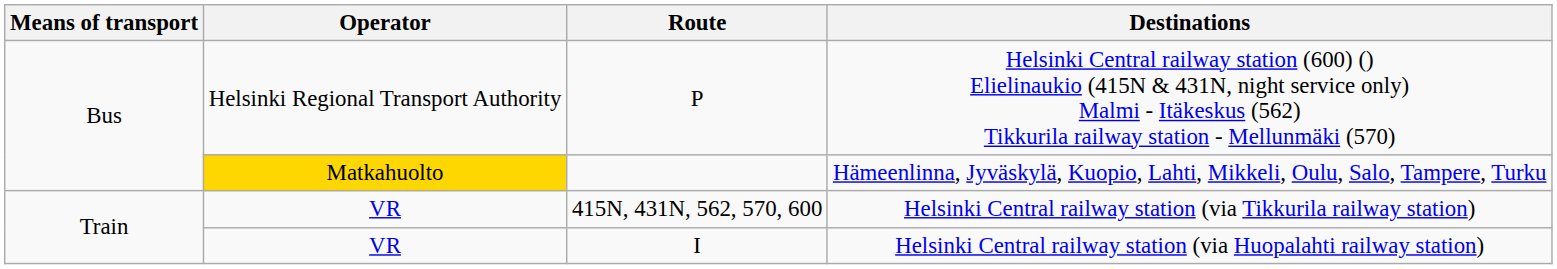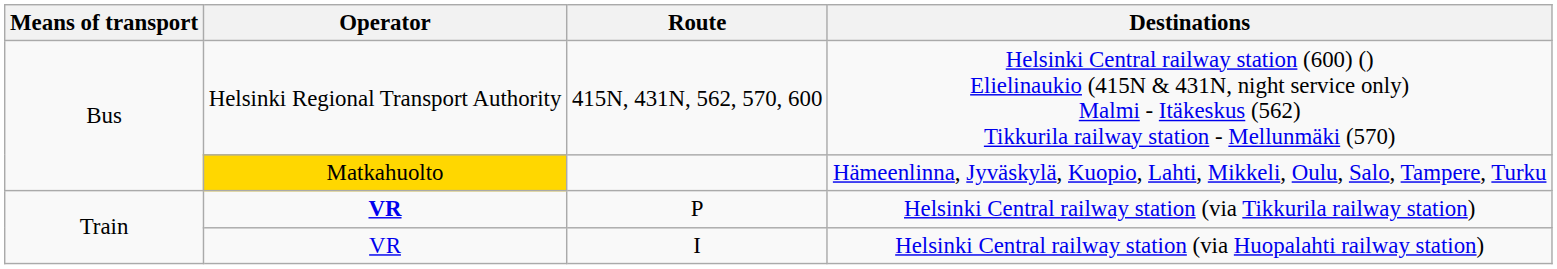 <table class="wikitable" style="text-align: center;">
 <tr>
 <th>Means of transport</th>
 <th>Operator</th>
 <th>Route</th>
 <th>Destinations</th>
 </tr>
 <tr>
 <td rowspan=2> Bus</td>
 <td>Helsinki Regional Transport Authority</td>
-<td>P</td>
+<td>415N, 431N, 562, 570, 600</td>
 <td><a href='#'>Helsinki Central railway station</a> (600) ()<br><a href='#'>Elielinaukio</a> (415N & 431N, night service only)<br><a href='#'>Malmi</a> - <a href='#'>Itäkeskus</a> (562)<br><a href='#'>Tikkurila railway station</a> - <a href='#'>Mellunmäki</a> (570)</td>
 </tr>
 <tr>
 <td style="background: gold;">Matkahuolto</td>
 <td></td>
 <td><a href='#'>Hämeenlinna</a>, <a href='#'>Jyväskylä</a>, <a href='#'>Kuopio</a>, <a href='#'>Lahti</a>, <a href='#'>Mikkeli</a>, <a href='#'>Oulu</a>, <a href='#'>Salo</a>, <a href='#'>Tampere</a>, <a href='#'>Turku</a></td>
 </tr>
 <tr>
 <td rowspan=2> Train</td>
-<td><a href='#'>VR</a></td>
-<td>415N, 431N, 562, 570, 600</td>
+<td><strong><a href='#'>VR</a></strong></td>
+<td>P</td>
 <td><a href='#'>Helsinki Central railway station</a> (via <a href='#'>Tikkurila railway station</a>)</td>
 </tr>
 <tr>
 <td><a href='#'>VR</a></td>
 <td>I</td>
 <td><a href='#'>Helsinki Central railway station</a> (via <a href='#'>Huopalahti railway station</a>)</td>
 </tr>
 </table>
